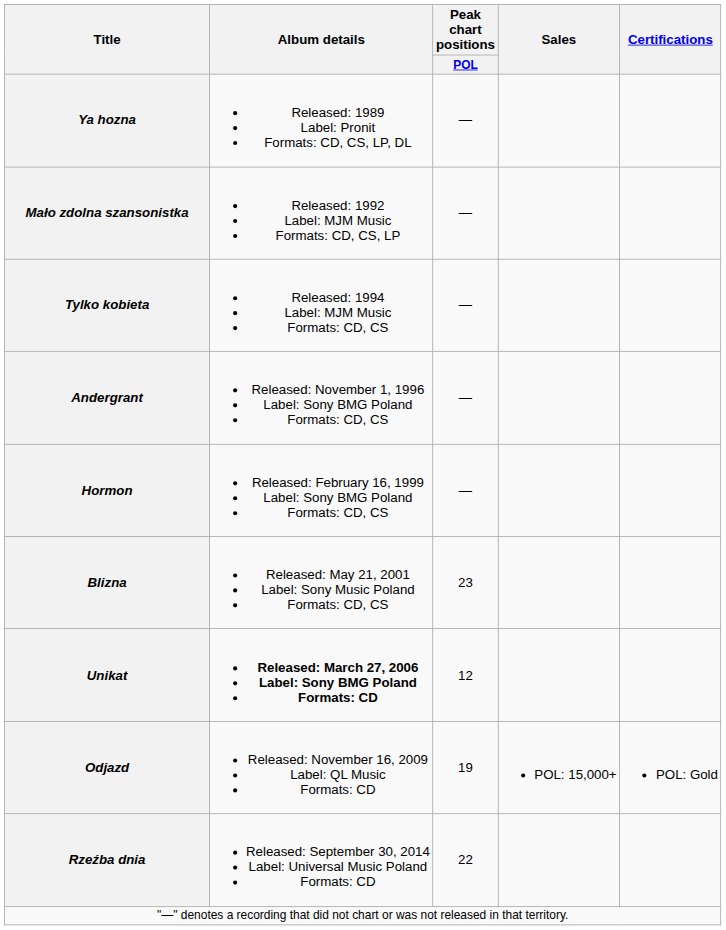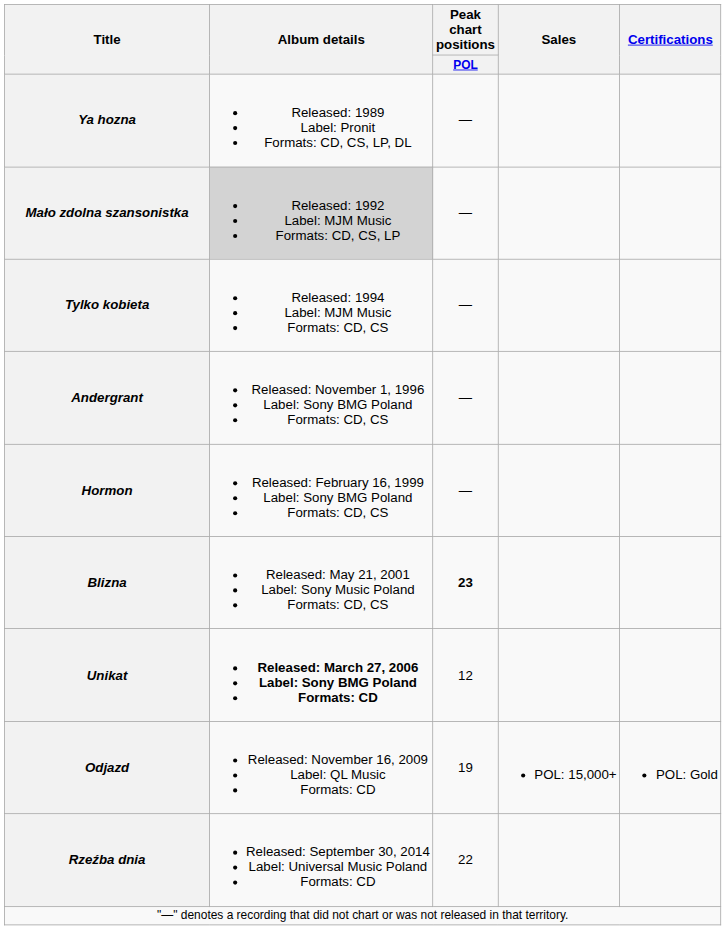 <table class="wikitable plainrowheaders" style="text-align:center;">
 <tr>
 <th scope="col" rowspan="2" style="width:15em;">Title</th>
 <th scope="col" rowspan="2">Album details</th>
 <th scope="col" colspan="1">Peak chart positions</th>
 <th scope="col" rowspan="2">Sales</th>
 <th scope="col" rowspan="2"><a href='#'>Certifications</a></th>
 </tr>
 <tr>
 <th scope="col" style="width:3em;font-size:90%;"><a href='#'>POL</a><br></th>
 </tr>
 <tr>
 <th scope="row"><em>Ya hozna</em></th>
 <td><br><ul><li>Released: 1989</li><li>Label: Pronit</li><li>Formats: CD, CS, LP, DL</li></ul></td>
 <td>—</td>
 <td></td>
 <td></td>
 </tr>
 <tr>
 <th scope="row"><em>Mało zdolna szansonistka</em></th>
-<td><br><ul><li>Released: 1992</li><li>Label: MJM Music</li><li>Formats: CD, CS, LP</li></ul></td>
+<td style="background: lightgrey;"><br><ul><li>Released: 1992</li><li>Label: MJM Music</li><li>Formats: CD, CS, LP</li></ul></td>
 <td>—</td>
 <td></td>
 <td></td>
 </tr>
 <tr>
 <th scope="row"><em>Tylko kobieta</em></th>
 <td><br><ul><li>Released: 1994</li><li>Label: MJM Music</li><li>Formats: CD, CS</li></ul></td>
 <td>—</td>
 <td></td>
 <td></td>
 </tr>
 <tr>
 <th scope="row"><em>Andergrant</em></th>
 <td><br><ul><li>Released: November 1, 1996</li><li>Label: Sony BMG Poland</li><li>Formats: CD, CS</li></ul></td>
 <td>—</td>
 <td></td>
 <td></td>
 </tr>
 <tr>
 <th scope="row"><em>Hormon</em></th>
 <td><br><ul><li>Released: February 16, 1999</li><li>Label: Sony BMG Poland</li><li>Formats: CD, CS</li></ul></td>
 <td>—</td>
 <td></td>
 <td></td>
 </tr>
 <tr>
 <th scope="row"><em>Blizna</em></th>
 <td><br><ul><li>Released: May 21, 2001</li><li>Label: Sony Music Poland</li><li>Formats: CD, CS</li></ul></td>
-<td>23</td>
+<td><strong>23</strong></td>
 <td></td>
 <td></td>
 </tr>
 <tr>
 <th scope="row"><em>Unikat</em></th>
 <td><strong><br><ul><li>Released: March 27, 2006</li><li>Label: Sony BMG Poland</li><li>Formats: CD</li></ul></strong></td>
 <td>12</td>
 <td></td>
 <td></td>
 </tr>
 <tr>
 <th scope="row"><em>Odjazd</em></th>
 <td><br><ul><li>Released: November 16, 2009</li><li>Label: QL Music</li><li>Formats: CD</li></ul></td>
 <td>19</td>
 <td><br><ul><li>POL: 15,000+</li></ul></td>
 <td><br><ul><li>POL: Gold</li></ul></td>
 </tr>
 <tr>
 <th scope="row"><em>Rzeźba dnia</em></th>
 <td><br><ul><li>Released: September 30, 2014</li><li>Label: Universal Music Poland</li><li>Formats: CD</li></ul></td>
 <td>22</td>
 <td></td>
 <td></td>
 </tr>
 <tr>
 <td colspan="20" style="font-size:90%">"—" denotes a recording that did not chart or was not released in that territory.</td>
 </tr>
 </table>
